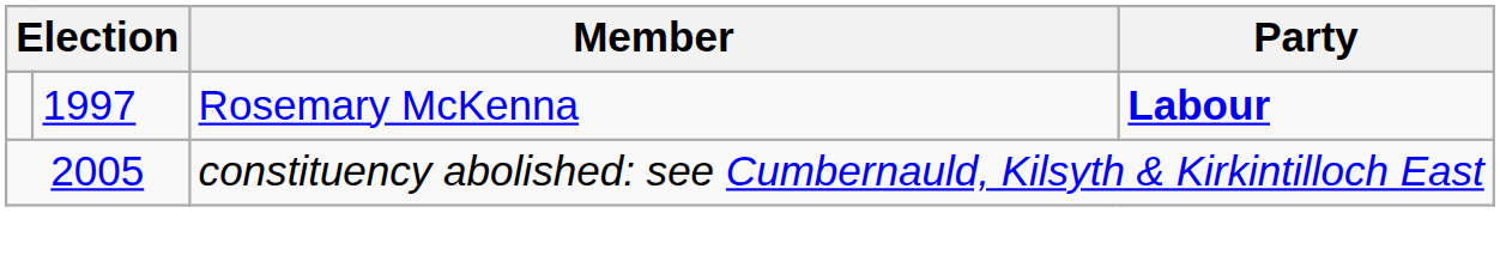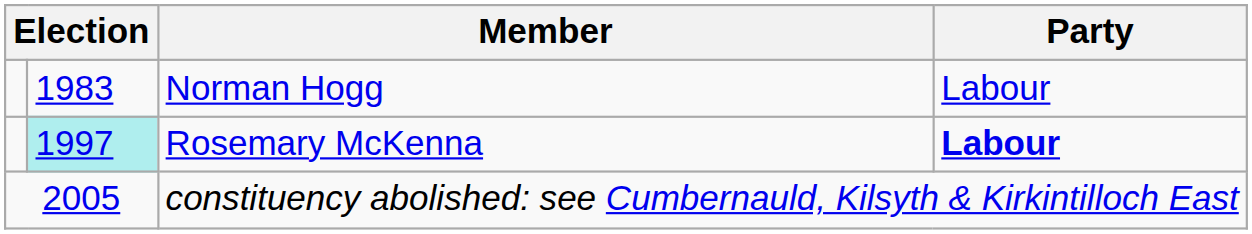 <table class="wikitable">
 <tr>
 <th colspan="2">Election</th>
 <th>Member</th>
 <th>Party</th>
 </tr>
 <tr>
 <td style="color:inherit;background-color: "></td>
-<td><a href='#'>1997</a></td>
+<td><a href='#'>1983</a></td>
+<td><a href='#'>Norman Hogg</a></td>
+<td><a href='#'>Labour</a></td>
+</tr>
+<tr>
+<td style="color:inherit;background-color: "></td>
+<td style="background: paleturquoise;"><a href='#'>1997</a></td>
 <td><a href='#'>Rosemary McKenna</a></td>
 <td><strong><a href='#'>Labour</a></strong></td>
 </tr>
 <tr>
 <td colspan="2" align="center"><a href='#'>2005</a></td>
 <td colspan="2"><em>constituency abolished: see <a href='#'>Cumbernauld, Kilsyth & Kirkintilloch East</a></em></td>
 </tr>
 </table>
